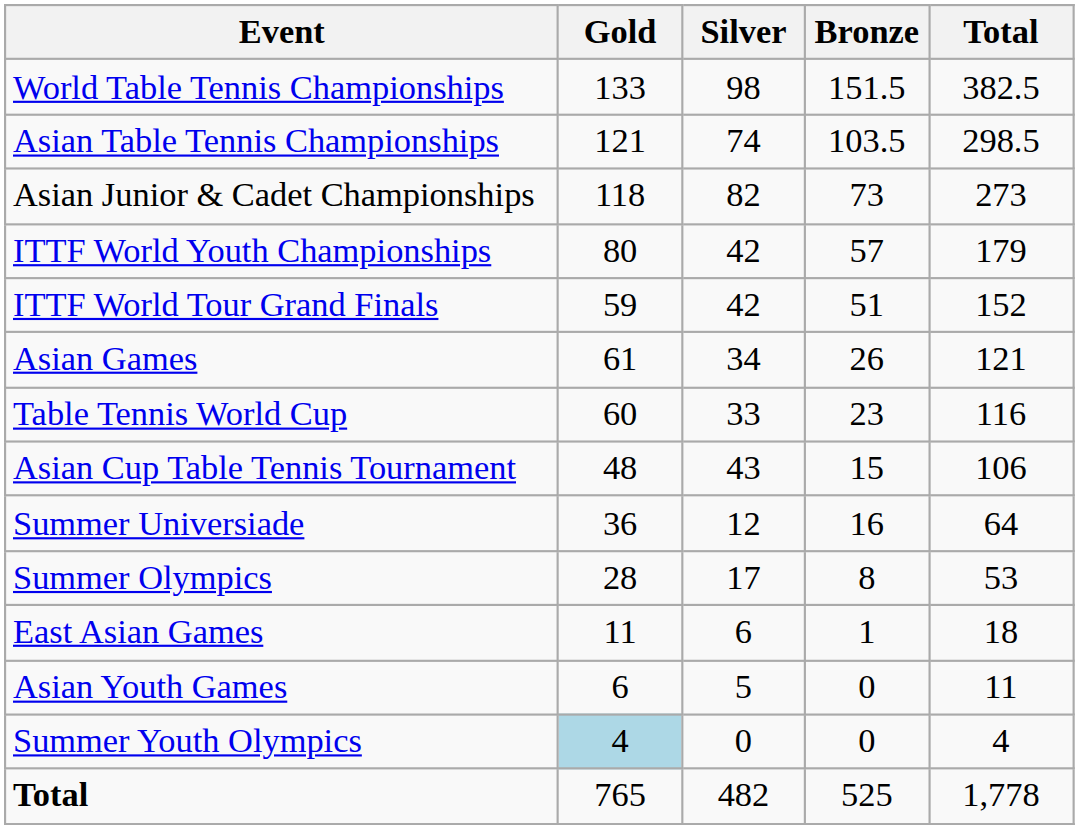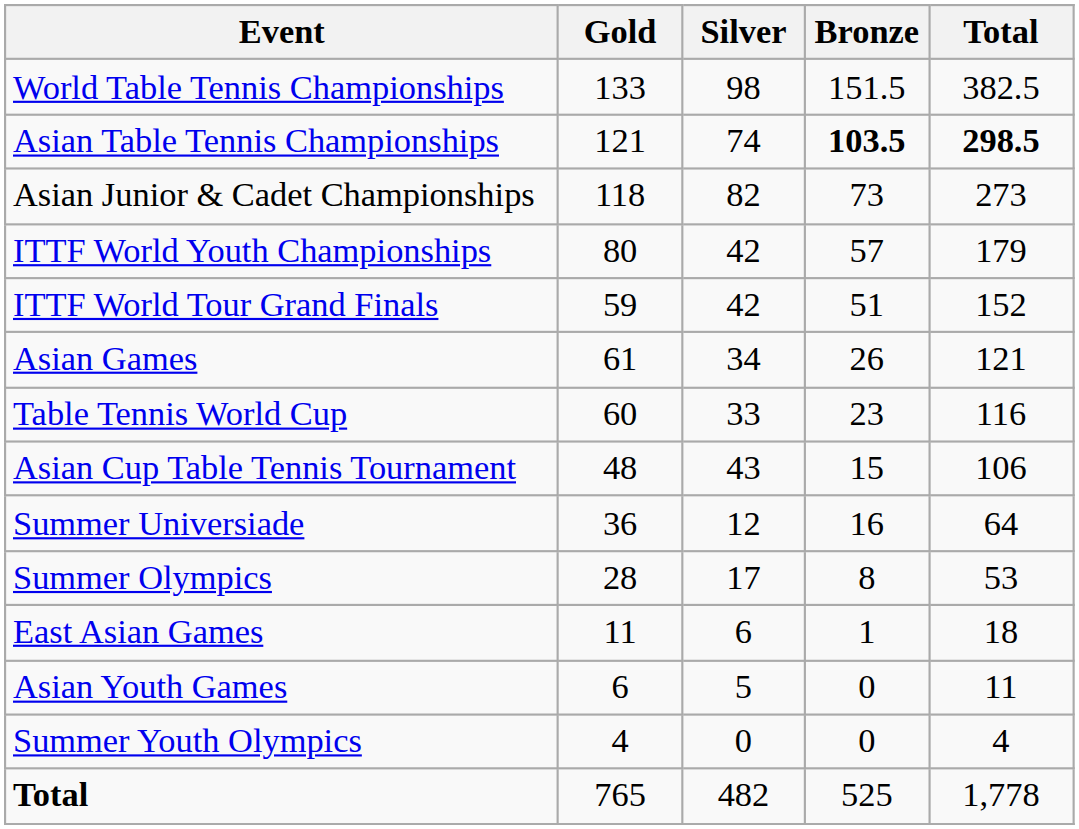 <table class="wikitable" style="text-align:center">
 <tr>
 <th width=250>Event</th>
 <th width=50>Gold</th>
 <th width=50>Silver</th>
 <th width=50>Bronze</th>
 <th width=60>Total</th>
 </tr>
 <tr>
 <td align=left><a href='#'>World Table Tennis Championships</a></td>
 <td>133</td>
 <td>98</td>
 <td>151.5</td>
 <td>382.5</td>
 </tr>
 <tr>
 <td align=left><a href='#'>Asian Table Tennis Championships</a></td>
 <td>121</td>
 <td>74</td>
-<td>103.5</td>
-<td>298.5</td>
+<td><strong>103.5</strong></td>
+<td><strong>298.5</strong></td>
 </tr>
 <tr>
 <td align=left>Asian Junior & Cadet Championships</td>
 <td>118</td>
 <td>82</td>
 <td>73</td>
 <td>273</td>
 </tr>
 <tr>
 <td align=left><a href='#'>ITTF World Youth Championships</a></td>
 <td>80</td>
 <td>42</td>
 <td>57</td>
 <td>179</td>
 </tr>
 <tr>
 <td align=left><a href='#'>ITTF World Tour Grand Finals</a></td>
 <td>59</td>
 <td>42</td>
 <td>51</td>
 <td>152</td>
 </tr>
 <tr>
 <td align=left><a href='#'>Asian Games</a></td>
 <td>61</td>
 <td>34</td>
 <td>26</td>
 <td>121</td>
 </tr>
 <tr>
 <td align=left><a href='#'>Table Tennis World Cup</a></td>
 <td>60</td>
 <td>33</td>
 <td>23</td>
 <td>116</td>
 </tr>
 <tr>
 <td align=left><a href='#'>Asian Cup Table Tennis Tournament</a></td>
 <td>48</td>
 <td>43</td>
 <td>15</td>
 <td>106</td>
 </tr>
 <tr>
 <td align=left><a href='#'>Summer Universiade</a></td>
 <td>36</td>
 <td>12</td>
 <td>16</td>
 <td>64</td>
 </tr>
 <tr>
 <td align=left><a href='#'>Summer Olympics</a></td>
 <td>28</td>
 <td>17</td>
 <td>8</td>
 <td>53</td>
 </tr>
 <tr>
 <td align=left><a href='#'>East Asian Games</a></td>
 <td>11</td>
 <td>6</td>
 <td>1</td>
 <td>18</td>
 </tr>
 <tr>
 <td align=left><a href='#'>Asian Youth Games</a></td>
 <td>6</td>
 <td>5</td>
 <td>0</td>
 <td>11</td>
 </tr>
 <tr>
 <td align=left><a href='#'>Summer Youth Olympics</a></td>
-<td style="background: lightblue;">4</td>
+<td>4</td>
 <td>0</td>
 <td>0</td>
 <td>4</td>
 </tr>
 <tr>
 <td align=left><strong>Total</strong></td>
 <td>765</td>
 <td>482</td>
 <td>525</td>
 <td>1,778</td>
 </tr>
 <tr>
 </tr>
 </table>
